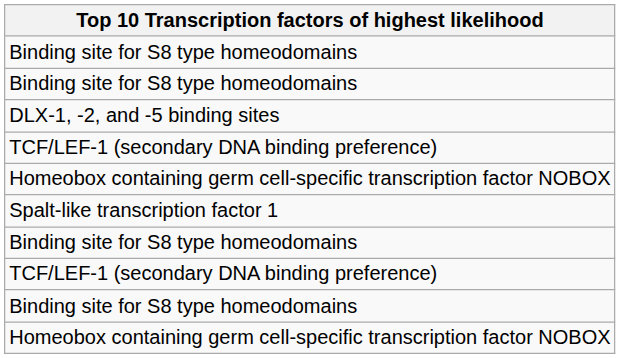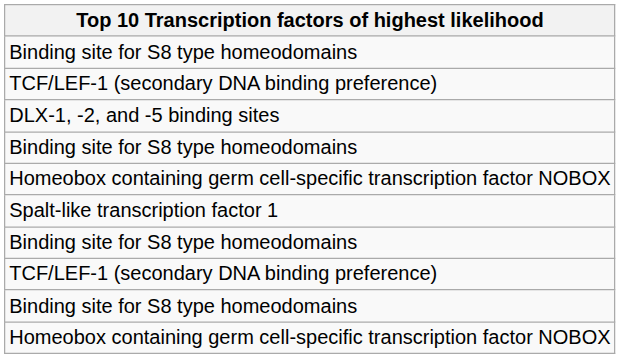 <table class="wikitable">
 <tr>
 <th>Top 10 Transcription factors of highest likelihood</th>
 </tr>
 <tr>
 <td>Binding site for S8 type homeodomains</td>
 </tr>
 <tr>
-<td>Binding site for S8 type homeodomains</td>
+<td>TCF/LEF-1 (secondary DNA binding preference)</td>
 </tr>
 <tr>
 <td>DLX-1, -2, and -5 binding sites</td>
 </tr>
 <tr>
-<td>TCF/LEF-1 (secondary DNA binding preference)</td>
+<td>Binding site for S8 type homeodomains</td>
 </tr>
 <tr>
 <td>Homeobox containing germ cell-specific transcription factor NOBOX</td>
 </tr>
 <tr>
 <td>Spalt-like transcription factor 1</td>
 </tr>
 <tr>
 <td>Binding site for S8 type homeodomains</td>
 </tr>
 <tr>
 <td>TCF/LEF-1 (secondary DNA binding preference)</td>
 </tr>
 <tr>
 <td>Binding site for S8 type homeodomains</td>
 </tr>
 <tr>
 <td>Homeobox containing germ cell-specific transcription factor NOBOX</td>
 </tr>
 </table>
